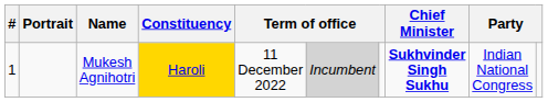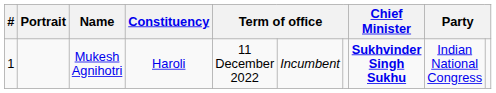 <table class="wikitable" style="width:75%; text-align:center">
 <tr>
 <th>#</th>
 <th>Portrait</th>
 <th>Name</th>
 <th><a href='#'>Constituency</a></th>
 <th colspan=3>Term of office</th>
 <th><a href='#'>Chief Minister</a></th>
 <th colspan=2>Party</th>
 </tr>
 <tr>
 <td>1</td>
 <td></td>
 <td><a href='#'>Mukesh Agnihotri</a></td>
-<td style="background: gold;"><a href='#'>Haroli</a></td>
+<td><a href='#'>Haroli</a></td>
 <td>11 December 2022</td>
-<td style="background: lightgrey;"><em>Incumbent</em></td>
+<td><em>Incumbent</em></td>
 <td></td>
 <td><strong><a href='#'>Sukhvinder Singh Sukhu</a></strong></td>
 <td><a href='#'>Indian National Congress</a></td>
 <td></td>
 </tr>
 </table>
